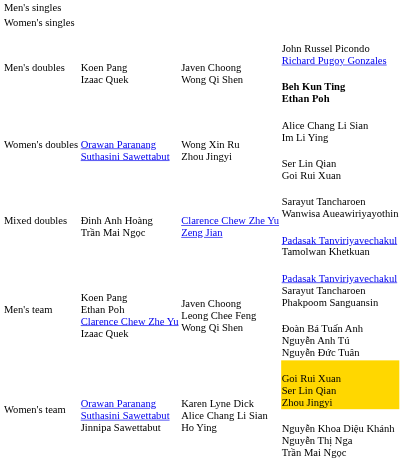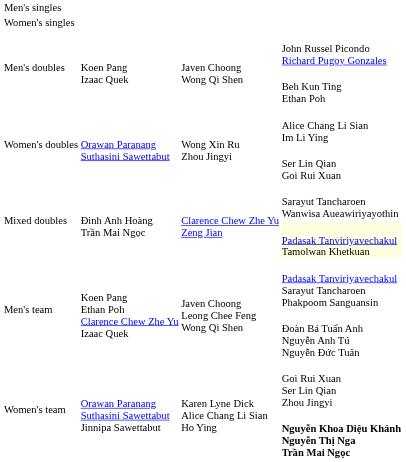 <table>
 <tr>
 <td rowspan=2>Men's singles</td>
 <td rowspan=2></td>
 <td rowspan=2></td>
 <td></td>
 </tr>
 <tr>
 <td></td>
 </tr>
 <tr>
 <td rowspan=2>Women's singles</td>
 <td rowspan=2></td>
 <td rowspan=2></td>
 <td></td>
 </tr>
 <tr>
 <td></td>
 </tr>
 <tr>
 <td rowspan=2>Men's doubles</td>
 <td rowspan=2><br>Koen Pang<br>Izaac Quek</td>
 <td rowspan=2><br>Javen Choong<br>Wong Qi Shen</td>
 <td><br>John Russel Picondo<br><a href='#'>Richard Pugoy Gonzales</a></td>
 </tr>
 <tr>
-<td><strong><br>Beh Kun Ting<br>Ethan Poh</strong></td>
+<td><br>Beh Kun Ting<br>Ethan Poh</td>
 </tr>
 <tr>
 <td rowspan=2>Women's doubles</td>
 <td rowspan=2><br><a href='#'>Orawan Paranang</a><br><a href='#'>Suthasini Sawettabut</a></td>
 <td rowspan=2><br>Wong Xin Ru<br>Zhou Jingyi</td>
 <td><br>Alice Chang Li Sian<br>Im Li Ying</td>
 </tr>
 <tr>
 <td><br>Ser Lin Qian<br>Goi Rui Xuan</td>
 </tr>
 <tr>
 <td rowspan=2>Mixed doubles</td>
 <td rowspan=2><br>Đinh Anh Hoàng<br>Trần Mai Ngọc</td>
 <td rowspan=2><br><a href='#'>Clarence Chew Zhe Yu</a><br><a href='#'>Zeng Jian</a></td>
 <td><br>Sarayut Tancharoen<br>Wanwisa Aueawiriyayothin</td>
 </tr>
 <tr>
-<td><br><a href='#'>Padasak Tanviriyavechakul</a><br>Tamolwan Khetkuan</td>
+<td style="background: lightyellow;"><br><a href='#'>Padasak Tanviriyavechakul</a><br>Tamolwan Khetkuan</td>
 </tr>
 <tr>
 <td rowspan=2>Men's team</td>
 <td rowspan=2><br>Koen Pang<br>Ethan Poh<br><a href='#'>Clarence Chew Zhe Yu</a><br>Izaac Quek</td>
 <td rowspan=2><br>Javen Choong<br>Leong Chee Feng<br>Wong Qi Shen</td>
 <td><br><a href='#'>Padasak Tanviriyavechakul</a><br>Sarayut Tancharoen<br>Phakpoom Sanguansin</td>
 </tr>
 <tr>
 <td><br>Đoàn Bá Tuấn Anh<br>Nguyễn Anh Tú<br>Nguyễn Đức Tuân</td>
 </tr>
 <tr>
 <td rowspan=2>Women's team</td>
 <td rowspan=2><br><a href='#'>Orawan Paranang</a><br><a href='#'>Suthasini Sawettabut</a><br>Jinnipa Sawettabut</td>
 <td rowspan=2><br>Karen Lyne Dick<br>Alice Chang Li Sian<br>Ho Ying</td>
-<td style="background: gold;"><br>Goi Rui Xuan<br>Ser Lin Qian<br>Zhou Jingyi</td>
+<td><br>Goi Rui Xuan<br>Ser Lin Qian<br>Zhou Jingyi</td>
 </tr>
 <tr>
-<td><br>Nguyễn Khoa Diệu Khánh<br>Nguyễn Thị Nga<br>Trần Mai Ngọc</td>
+<td><strong><br>Nguyễn Khoa Diệu Khánh<br>Nguyễn Thị Nga<br>Trần Mai Ngọc</strong></td>
 </tr>
 </table>
